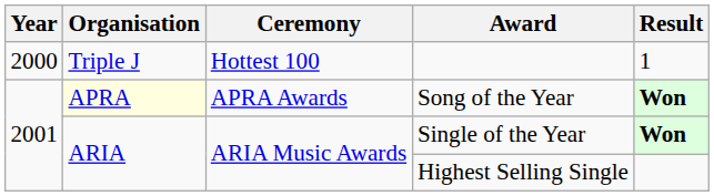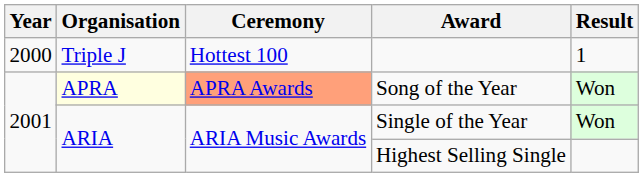 <table class="wikitable">
 <tr>
 <th>Year</th>
 <th>Organisation</th>
 <th>Ceremony</th>
 <th>Award</th>
 <th>Result</th>
 </tr>
 <tr>
 <td>2000</td>
 <td><a href='#'>Triple J</a></td>
 <td><a href='#'>Hottest 100</a></td>
 <td></td>
 <td> 1</td>
 </tr>
 <tr>
 <td rowspan=3>2001</td>
 <td style="background: lightyellow;"><a href='#'>APRA</a></td>
-<td><a href='#'>APRA Awards</a></td>
+<td style="background: lightsalmon;"><a href='#'>APRA Awards</a></td>
 <td>Song of the Year</td>
-<td style="background-color: #dfd"><strong>Won</strong></td>
+<td style="background-color: #dfd">Won</td>
 </tr>
 <tr>
 <td rowspan=2><a href='#'>ARIA</a></td>
 <td rowspan=2><a href='#'>ARIA Music Awards</a></td>
 <td>Single of the Year</td>
-<td style="background-color: #dfd"><strong>Won</strong></td>
+<td style="background-color: #dfd">Won</td>
 </tr>
 <tr>
 <td>Highest Selling Single</td>
 <td></td>
 </tr>
 </table>
